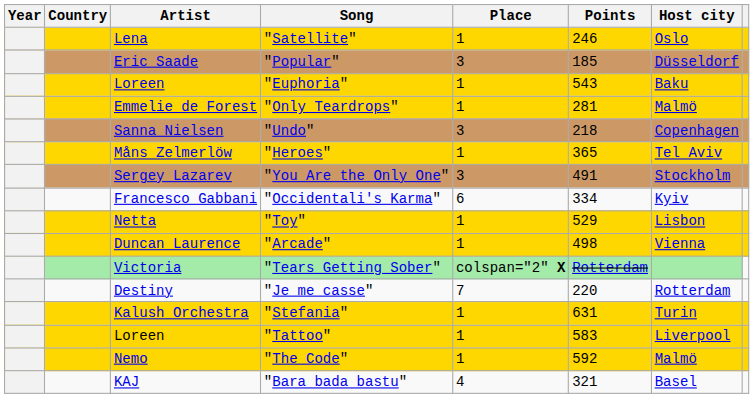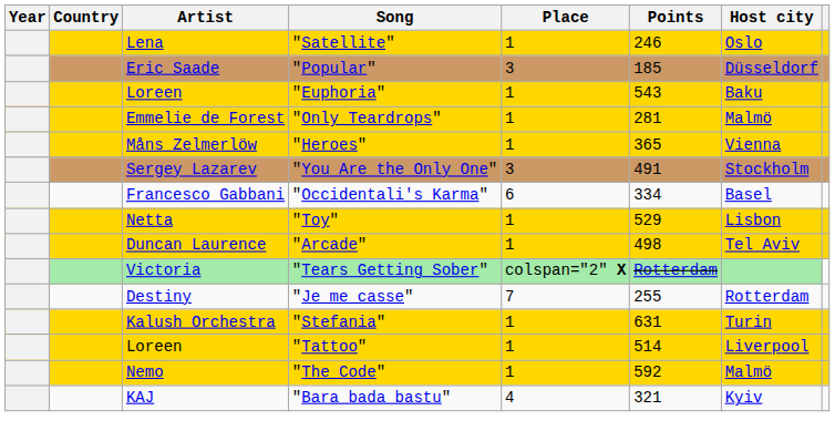 <table class="wikitable sortable plainrowheaders">
 <tr>
 <th scope="col">Year</th>
 <th scope="col">Country</th>
 <th scope="col">Artist</th>
 <th scope="col">Song</th>
 <th data-sort-type="number">Place</th>
 <th data-sort-type="number">Points</th>
 <th scope="col">Host city</th>
 <th class="unsortable"></th>
 </tr>
 <tr bgcolor="gold">
 <th scope="row"></th>
 <td></td>
 <td><a href='#'>Lena</a></td>
 <td>"<a href='#'>Satellite</a>"</td>
 <td>1</td>
 <td>246</td>
 <td> <a href='#'>Oslo</a></td>
 <td></td>
 </tr>
 <tr bgcolor="#CC9966">
 <th scope="row"></th>
 <td></td>
 <td><a href='#'>Eric Saade</a></td>
 <td>"<a href='#'>Popular</a>"</td>
 <td>3</td>
 <td>185</td>
 <td> <a href='#'>Düsseldorf</a></td>
 <td></td>
 </tr>
 <tr bgcolor="gold">
 <th scope="row"></th>
 <td></td>
 <td><a href='#'>Loreen</a></td>
 <td>"<a href='#'>Euphoria</a>"</td>
 <td>1</td>
 <td>543</td>
 <td> <a href='#'>Baku</a></td>
 <td></td>
 </tr>
 <tr bgcolor="gold">
 <th scope="row"></th>
 <td></td>
 <td><a href='#'>Emmelie de Forest</a></td>
 <td>"<a href='#'>Only Teardrops</a>"</td>
 <td>1</td>
 <td>281</td>
 <td> <a href='#'>Malmö</a></td>
 <td></td>
 </tr>
-<tr bgcolor="#CC9966">
-<th scope="row"></th>
-<td></td>
-<td><a href='#'>Sanna Nielsen</a></td>
-<td>"<a href='#'>Undo</a>"</td>
-<td>3</td>
-<td>218</td>
-<td> <a href='#'>Copenhagen</a></td>
-<td></td>
-</tr>
 <tr bgcolor="gold">
 <th scope="row"></th>
 <td></td>
 <td><a href='#'>Måns Zelmerlöw</a></td>
 <td>"<a href='#'>Heroes</a>"</td>
 <td>1</td>
 <td>365</td>
-<td> <a href='#'>Tel Aviv</a></td>
+<td> <a href='#'>Vienna</a></td>
 <td></td>
 </tr>
 <tr bgcolor="#CC9966">
 <th scope="row"></th>
 <td></td>
 <td><a href='#'>Sergey Lazarev</a></td>
 <td>"<a href='#'>You Are the Only One</a>"</td>
 <td>3</td>
 <td>491</td>
 <td> <a href='#'>Stockholm</a></td>
 <td></td>
 </tr>
 <tr>
 <th scope="row"></th>
 <td></td>
 <td><a href='#'>Francesco Gabbani</a></td>
 <td>"<a href='#'>Occidentali's Karma</a>"</td>
 <td>6</td>
 <td>334</td>
-<td> <a href='#'>Kyiv</a></td>
+<td> <a href='#'>Basel</a></td>
 <td></td>
 </tr>
 <tr bgcolor="gold">
 <th scope="row"></th>
 <td></td>
 <td><a href='#'>Netta</a></td>
 <td>"<a href='#'>Toy</a>"</td>
 <td>1</td>
 <td>529</td>
 <td> <a href='#'>Lisbon</a></td>
 <td></td>
 </tr>
 <tr bgcolor="gold">
 <th scope="row"></th>
 <td></td>
 <td><a href='#'>Duncan Laurence</a></td>
 <td>"<a href='#'>Arcade</a>"</td>
 <td>1</td>
 <td>498</td>
-<td> <a href='#'>Vienna</a></td>
+<td> <a href='#'>Tel Aviv</a></td>
 <td></td>
 </tr>
 <tr bgcolor="#A4EAA9">
 <th scope="row"></th>
 <td></td>
 <td><a href='#'>Victoria</a></td>
 <td>"<a href='#'>Tears Getting Sober</a>"</td>
 <td>colspan="2"  <strong>X</strong></td>
 <td><s> <a href='#'>Rotterdam</a></s></td>
 <td></td>
 </tr>
 <tr>
 <th scope="row"></th>
 <td></td>
 <td><a href='#'>Destiny</a></td>
 <td>"<a href='#'>Je me casse</a>"</td>
 <td>7</td>
-<td>220</td>
+<td>255</td>
 <td> <a href='#'>Rotterdam</a></td>
 <td></td>
 </tr>
 <tr bgcolor="gold">
 <th scope="row"></th>
 <td></td>
 <td><a href='#'>Kalush Orchestra</a></td>
 <td>"<a href='#'>Stefania</a>"</td>
 <td>1</td>
 <td>631</td>
 <td> <a href='#'>Turin</a></td>
 <td></td>
 </tr>
 <tr bgcolor="gold">
 <th scope="row"></th>
 <td></td>
 <td>Loreen</td>
 <td>"<a href='#'>Tattoo</a>"</td>
 <td>1</td>
-<td>583</td>
+<td>514</td>
 <td> <a href='#'>Liverpool</a></td>
 <td></td>
 </tr>
 <tr bgcolor="gold">
 <th scope="row"></th>
 <td></td>
 <td><a href='#'>Nemo</a></td>
 <td>"<a href='#'>The Code</a>"</td>
 <td>1</td>
 <td>592</td>
 <td> <a href='#'>Malmö</a></td>
 <td></td>
 </tr>
 <tr>
 <th scope="row"></th>
 <td></td>
 <td><a href='#'>KAJ</a></td>
 <td>"<a href='#'>Bara bada bastu</a>"</td>
 <td>4</td>
 <td>321</td>
-<td> <a href='#'>Basel</a></td>
+<td> <a href='#'>Kyiv</a></td>
 <td></td>
 </tr>
 </table>
